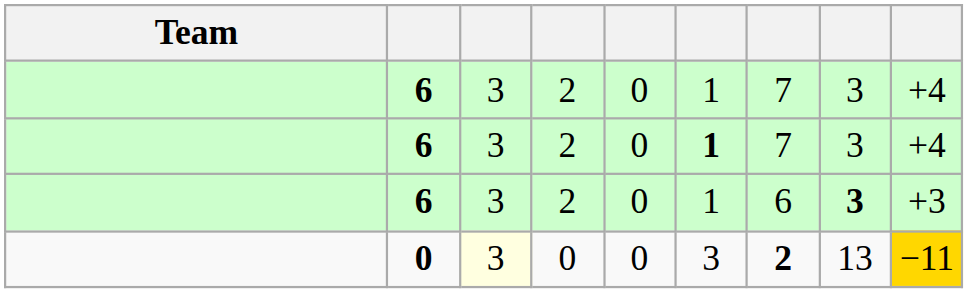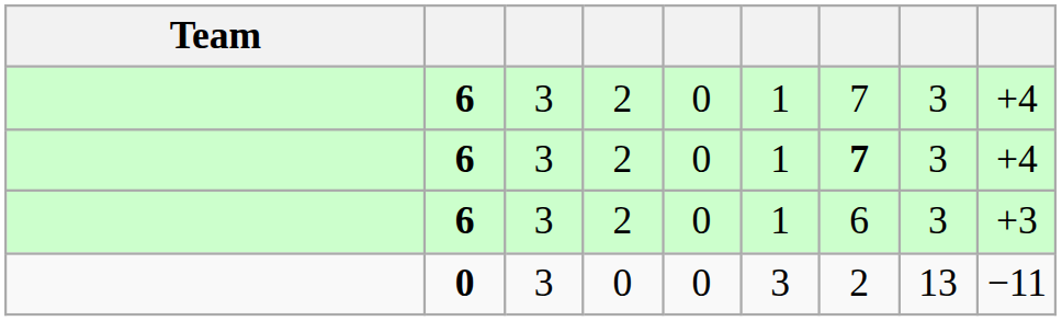 <table class="wikitable" style="text-align: center;">
 <tr>
 <th width="165">Team</th>
 <th width="25"></th>
 <th width="25"></th>
 <th width="25"></th>
 <th width="25"></th>
 <th width="25"></th>
 <th width="25"></th>
 <th width="25"></th>
 <th width="25"></th>
 </tr>
 <tr bgcolor=#ccffcc>
 <td align="left"></td>
 <td><strong>6</strong></td>
 <td>3</td>
 <td>2</td>
 <td>0</td>
 <td>1</td>
 <td>7</td>
 <td>3</td>
 <td>+4</td>
 </tr>
 <tr bgcolor=#ccffcc>
 <td align="left"></td>
 <td><strong>6</strong></td>
 <td>3</td>
 <td>2</td>
 <td>0</td>
-<td><strong>1</strong></td>
-<td>7</td>
+<td>1</td>
+<td><strong>7</strong></td>
 <td>3</td>
 <td>+4</td>
 </tr>
 <tr bgcolor=#ccffcc>
 <td align="left"></td>
 <td><strong>6</strong></td>
 <td>3</td>
 <td>2</td>
 <td>0</td>
 <td>1</td>
 <td>6</td>
-<td><strong>3</strong></td>
+<td>3</td>
 <td>+3</td>
 </tr>
 <tr>
 <td align="left"></td>
 <td><strong>0</strong></td>
-<td style="background: lightyellow;">3</td>
+<td>3</td>
 <td>0</td>
 <td>0</td>
 <td>3</td>
-<td><strong>2</strong></td>
+<td>2</td>
 <td>13</td>
-<td style="background: gold;">−11</td>
+<td>−11</td>
 </tr>
 </table>
